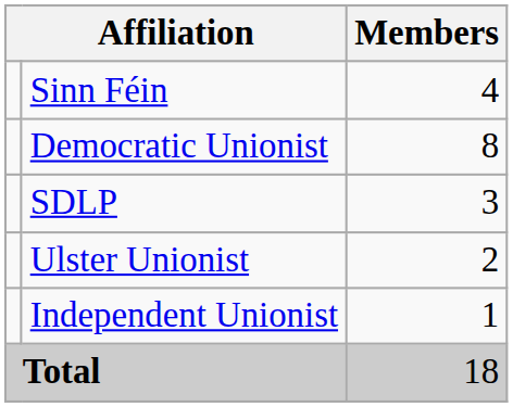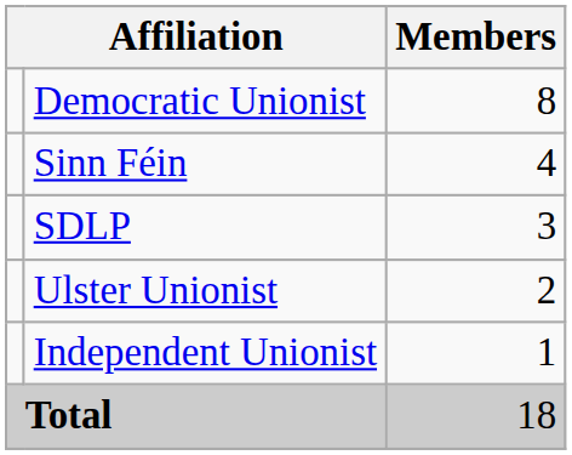 <table class="wikitable">
 <tr>
 <th colspan="2">Affiliation</th>
 <th>Members</th>
 </tr>
 <tr>
 <td></td>
-<td><a href='#'>Sinn Féin</a></td>
-<td align="right">4</td>
+<td><a href='#'>Democratic Unionist</a></td>
+<td align="right">8</td>
 </tr>
 <tr>
 <td></td>
-<td><a href='#'>Democratic Unionist</a></td>
-<td align="right">8</td>
+<td><a href='#'>Sinn Féin</a></td>
+<td align="right">4</td>
 </tr>
 <tr>
 <td></td>
 <td><a href='#'>SDLP</a></td>
 <td align="right">3</td>
 </tr>
 <tr>
 <td></td>
 <td><a href='#'>Ulster Unionist</a></td>
 <td align="right">2</td>
 </tr>
 <tr>
 <td></td>
 <td><a href='#'>Independent Unionist</a></td>
 <td align="right">1</td>
 </tr>
 <tr bgcolor="CCCCCC">
 <td colspan="2" rowspan="1"> <strong>Total</strong></td>
 <td align="right">18</td>
 </tr>
 <tr>
 </tr>
 </table>
